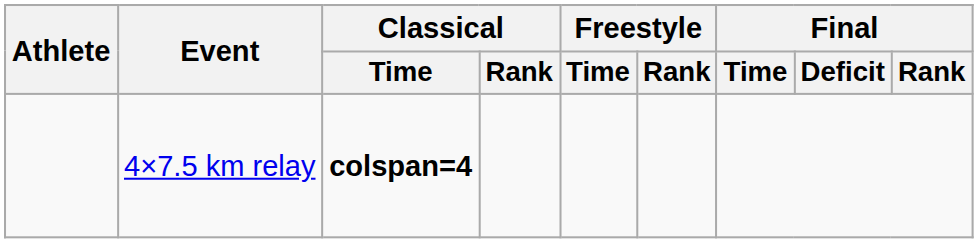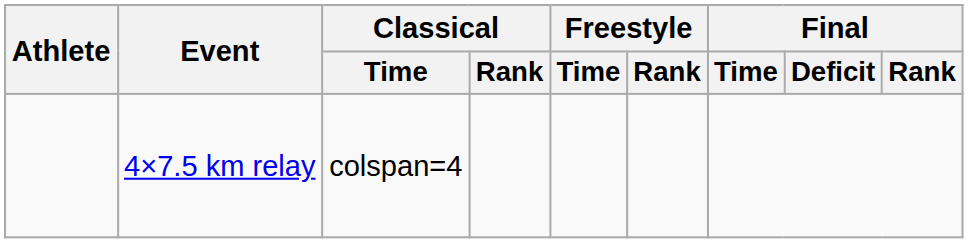 <table class="wikitable" style="font-size:90%; text-align:center">
 <tr>
 <th rowspan=2>Athlete</th>
 <th rowspan=2>Event</th>
 <th colspan=2>Classical</th>
 <th colspan=2>Freestyle</th>
 <th colspan=3>Final</th>
 </tr>
 <tr style="font-size: 95%">
 <th>Time</th>
 <th>Rank</th>
 <th>Time</th>
 <th>Rank</th>
 <th>Time</th>
 <th>Deficit</th>
 <th>Rank</th>
 </tr>
 <tr>
 <td align=left> <br> <br> <br> </td>
 <td align=left><a href='#'>4×7.5 km relay</a></td>
-<td><strong>colspan=4 </strong></td>
+<td>colspan=4 </td>
 <td></td>
 <td></td>
 <td></td>
 </tr>
 </table>
